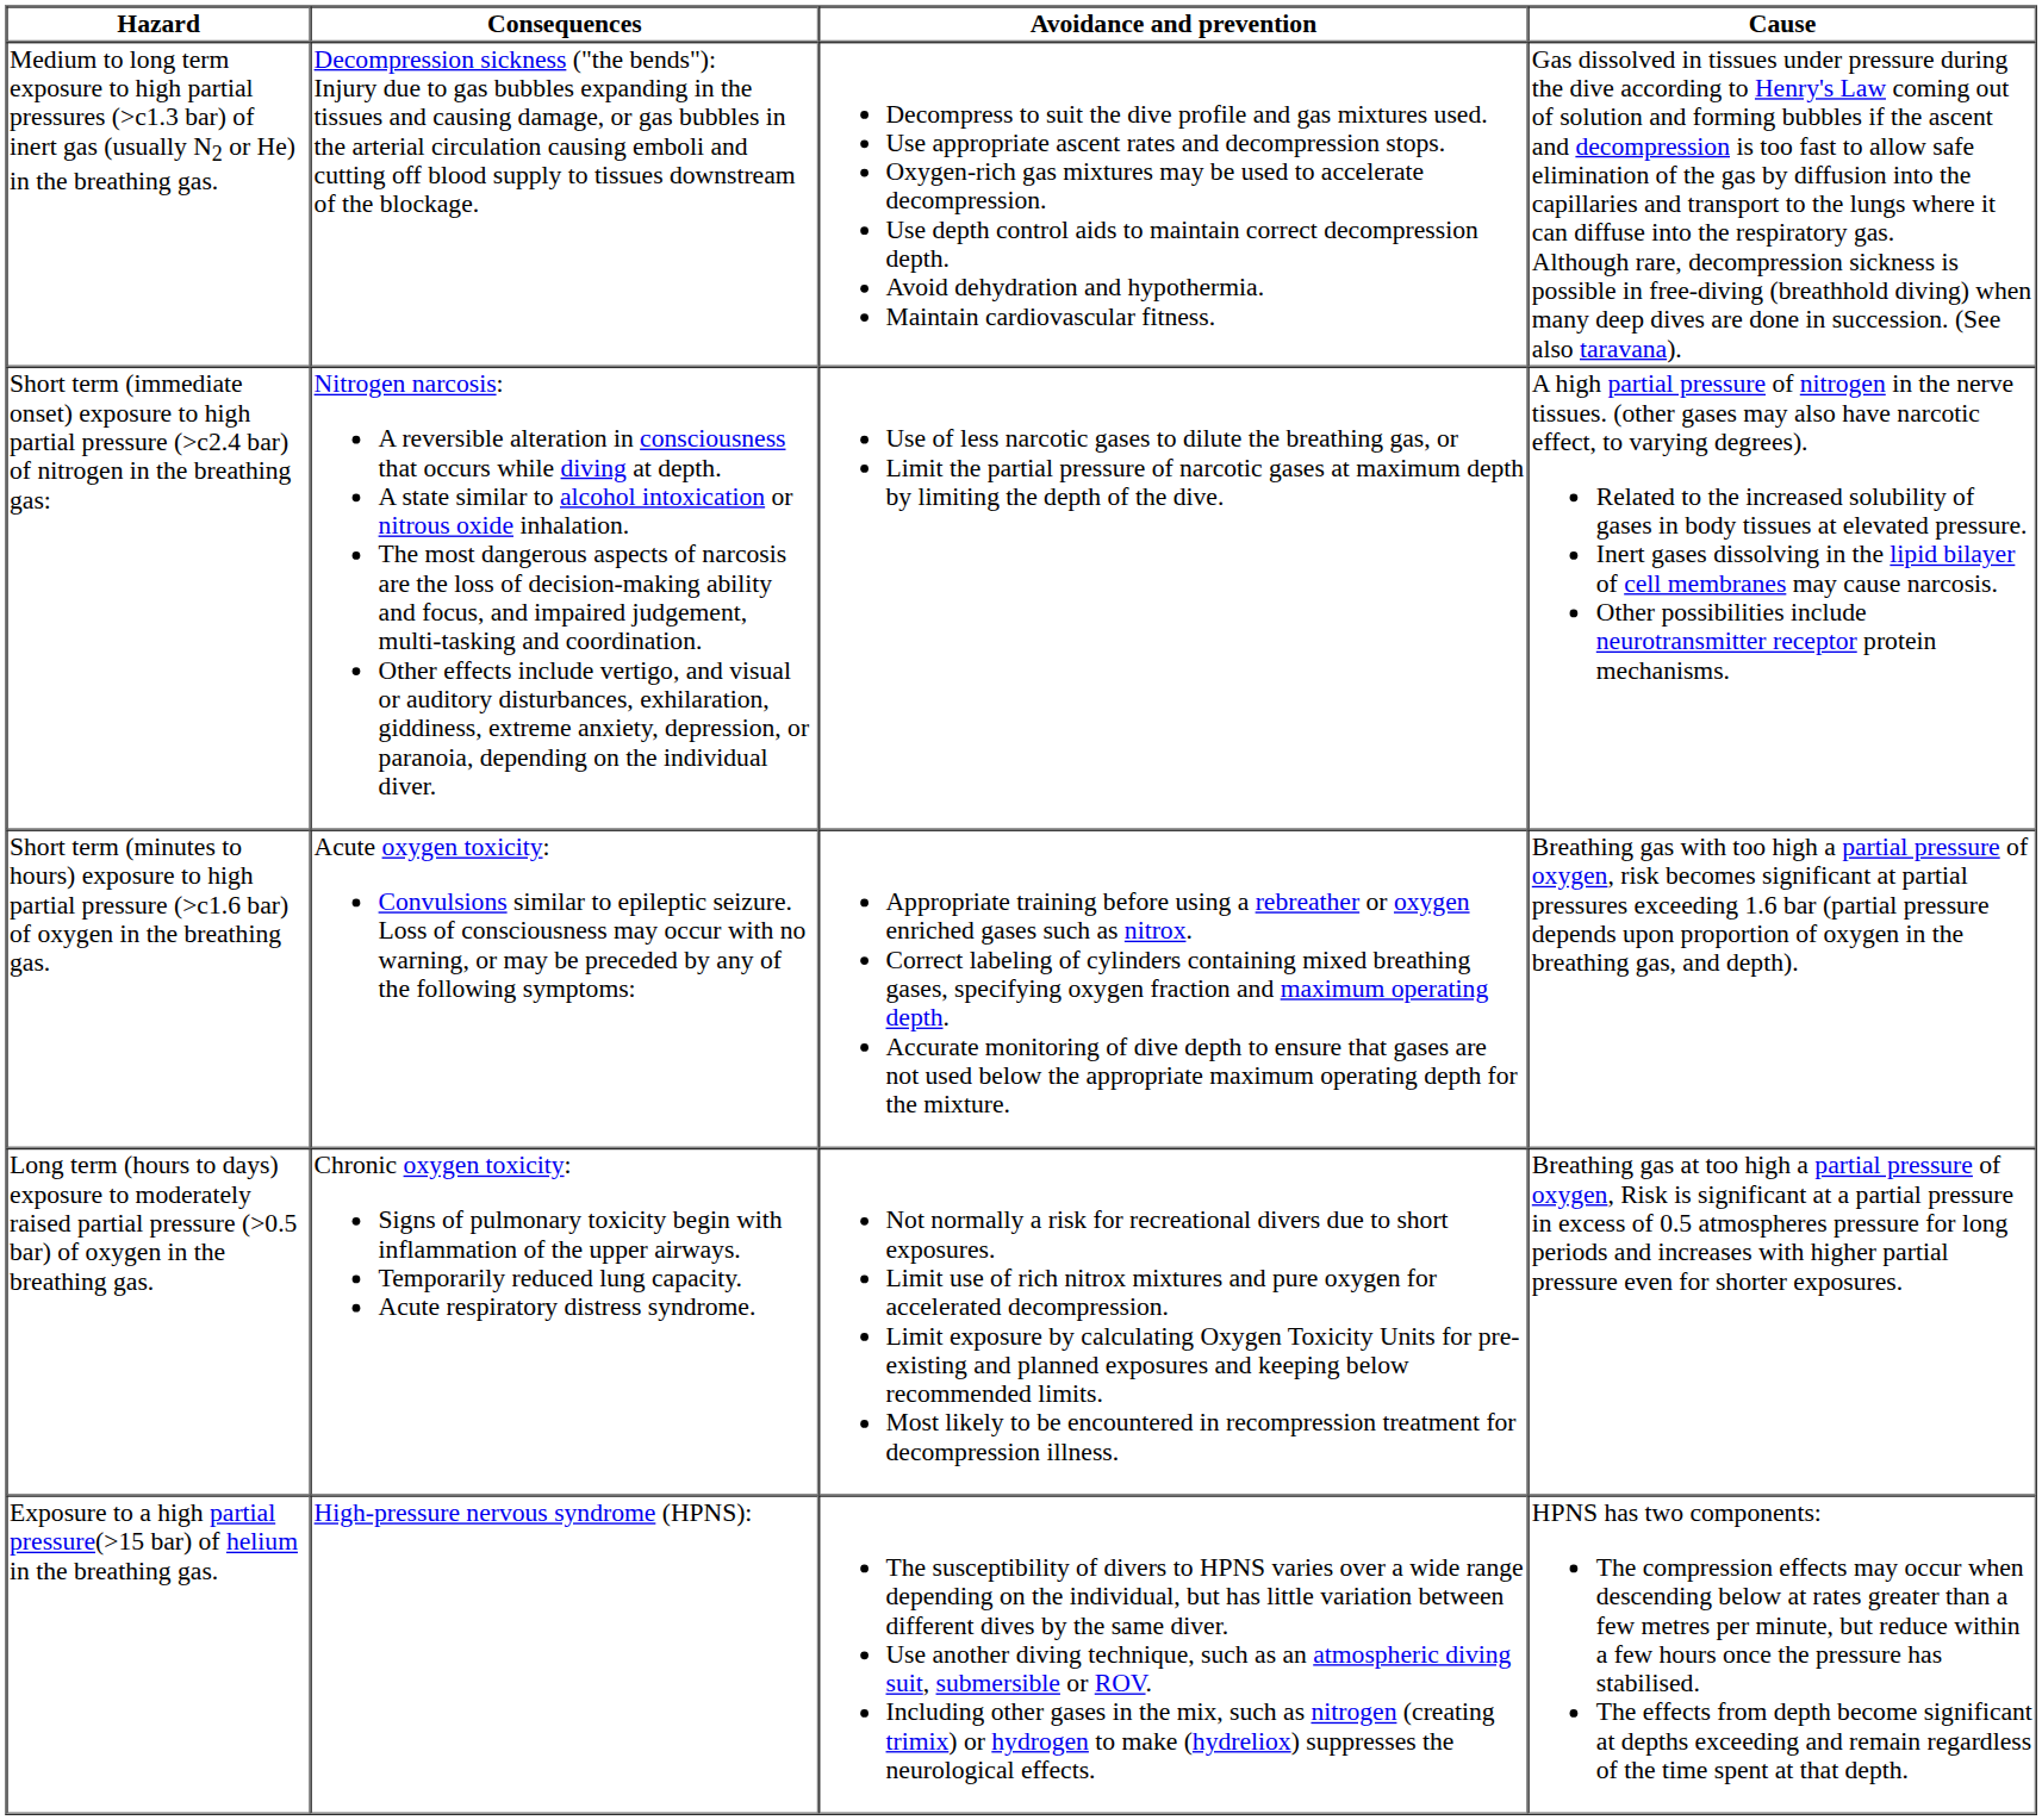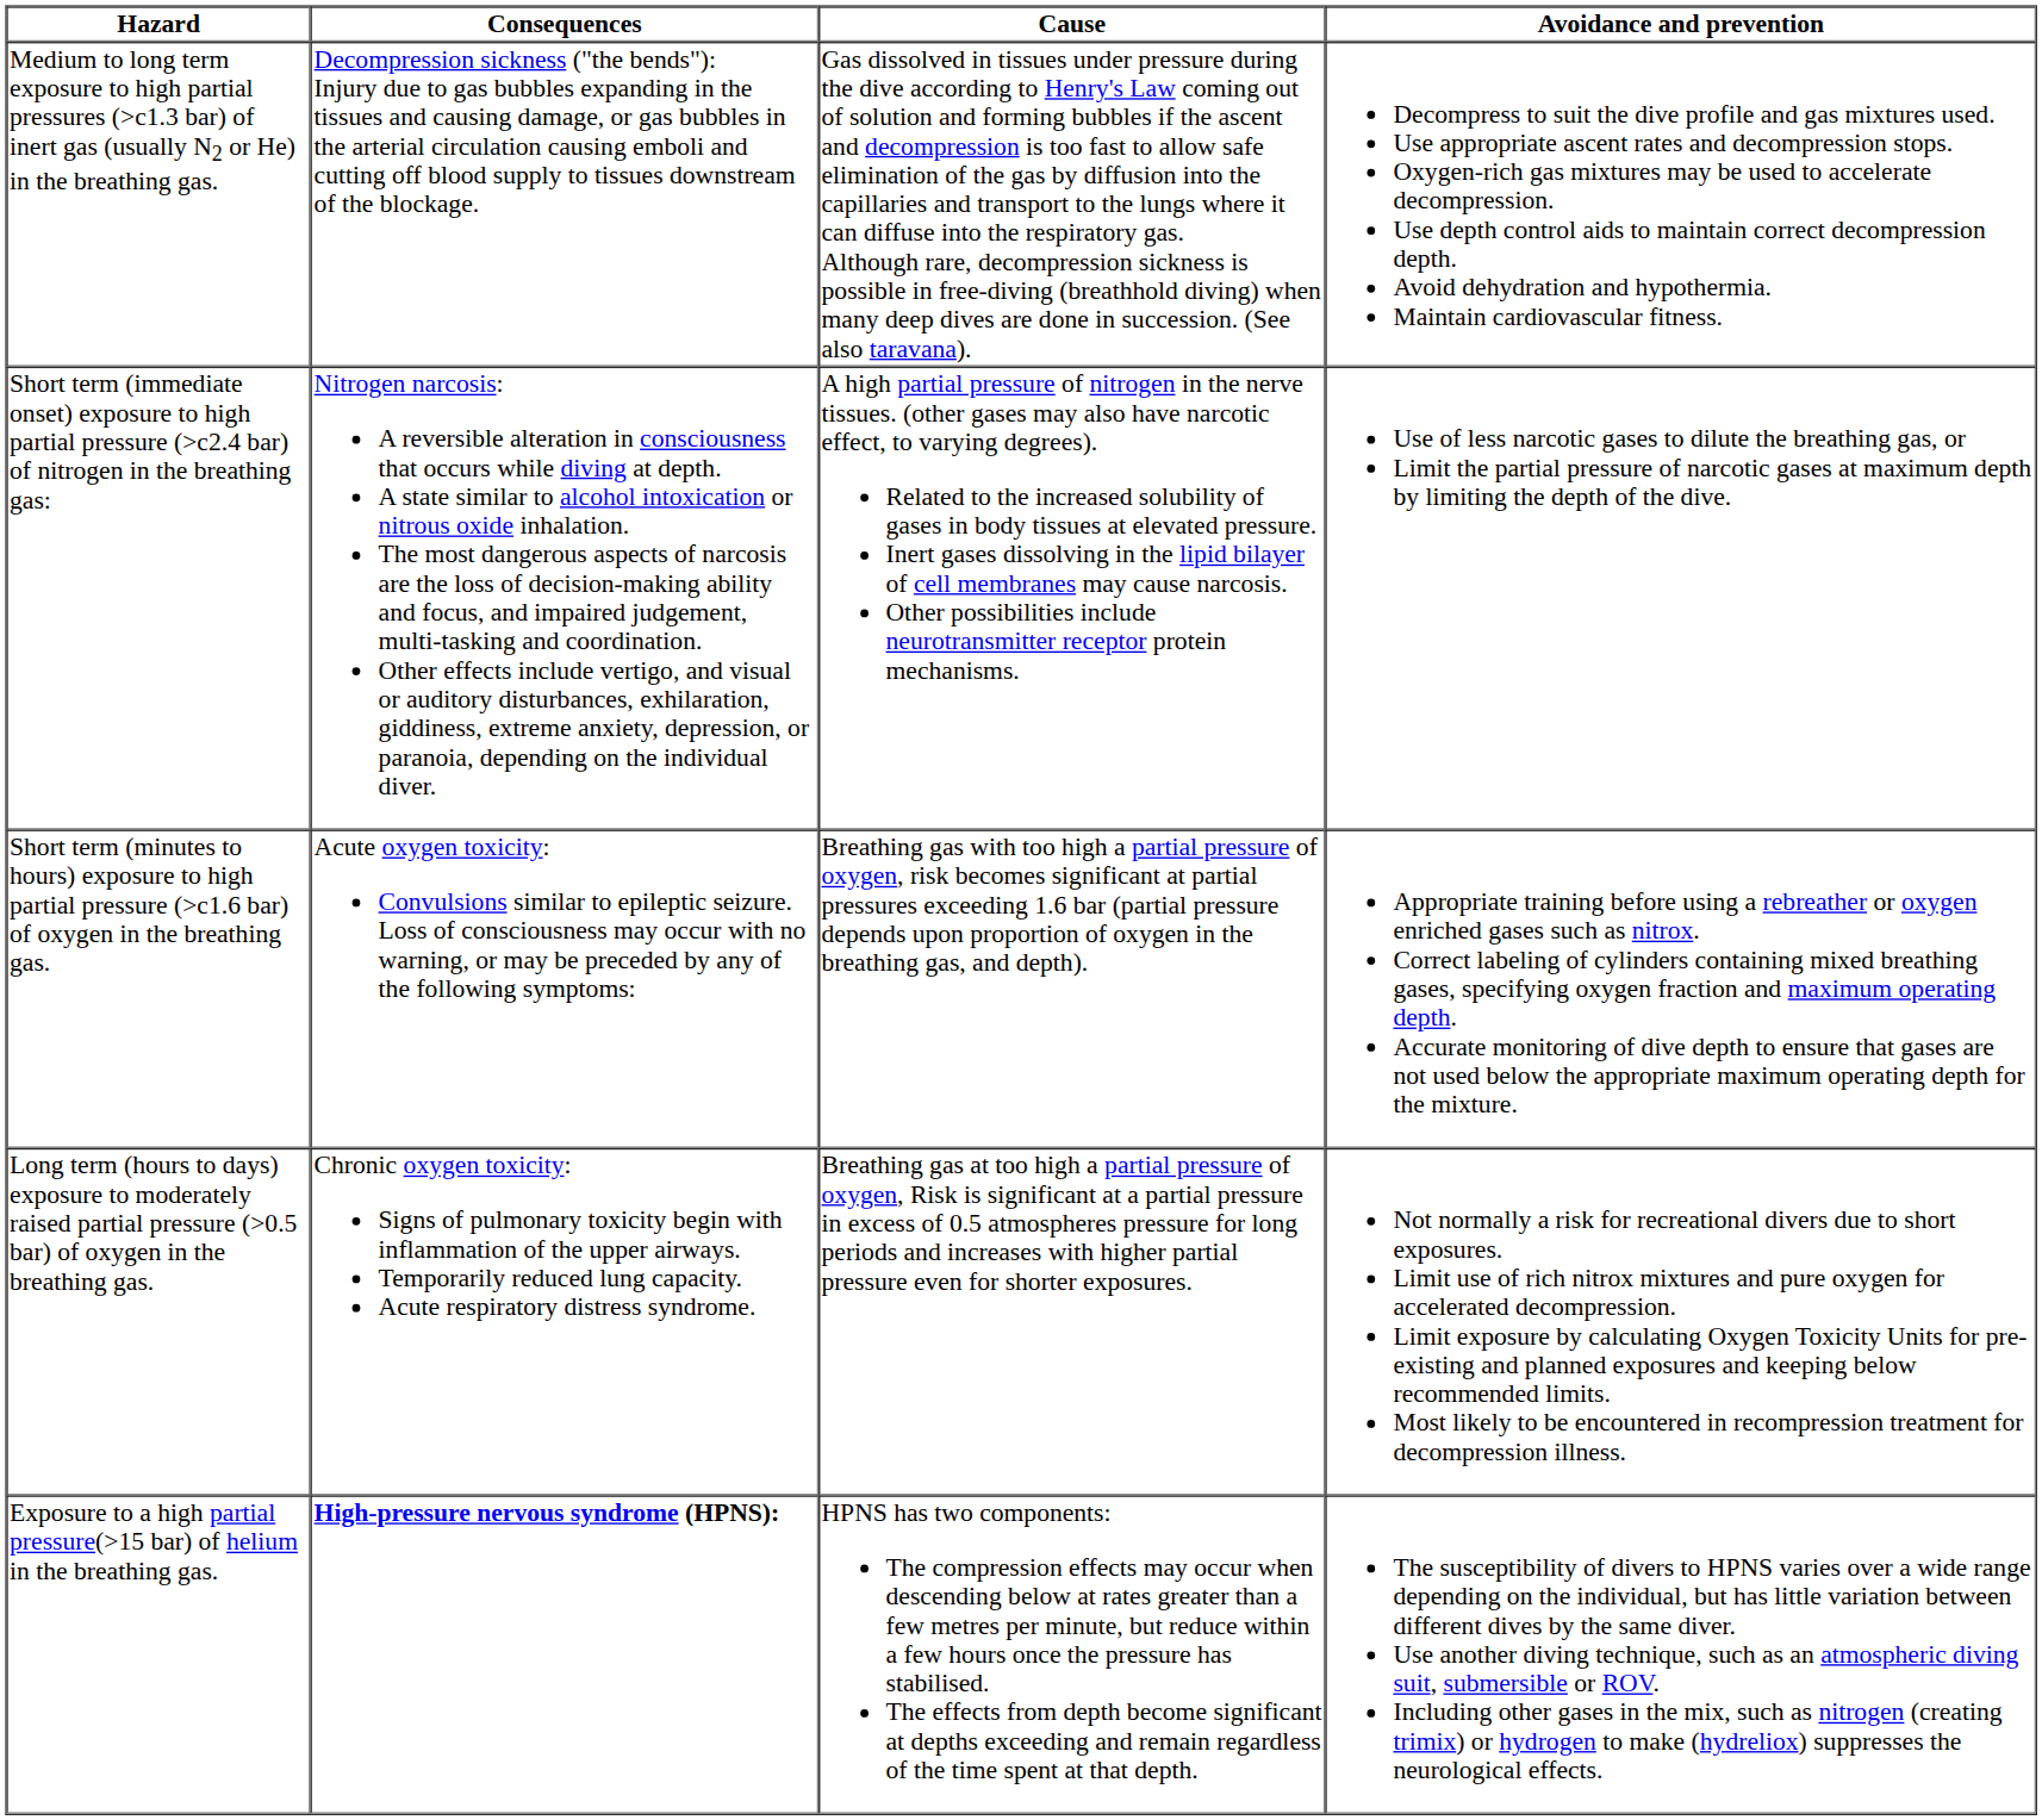 <table cellspacing="0" border="1" bgcolor="white">
 <tr>
 <th scope="col" width="15%">Hazard</th>
 <th scope="col" width="25%">Consequences</th>
+<th scope="col" width="25%">Cause</th>
 <th scope="col" width="35%">Avoidance and prevention</th>
-<th scope="col" width="25%">Cause</th>
 </tr>
 <tr valign="top">
 <td>Medium to long term exposure to high partial pressures (>c1.3 bar) of inert gas (usually N<sub>2</sub> or He) in the breathing gas.</td>
 <td><a href='#'>Decompression sickness</a> ("the bends"):<br>Injury due to gas bubbles expanding in the tissues and causing damage, or gas bubbles in the arterial circulation causing emboli and cutting off blood supply to tissues downstream of the blockage.</td>
+<td>Gas dissolved in tissues under pressure during the dive according to <a href='#'>Henry's Law</a> coming out of solution and forming bubbles if the ascent and <a href='#'>decompression</a> is too fast to allow safe elimination of the gas by diffusion into the capillaries and transport to the lungs where it can diffuse into the respiratory gas.<br>Although rare, decompression sickness is possible in free-diving (breathhold diving) when many deep dives are done in succession. (See also <a href='#'>taravana</a>).</td>
 <td><br><ul><li>Decompress to suit the dive profile and gas mixtures used.</li><li>Use appropriate ascent rates and decompression stops.</li><li>Oxygen-rich gas mixtures may be used to accelerate decompression.</li><li>Use depth control aids to maintain correct decompression depth.</li><li>Avoid dehydration and hypothermia.</li><li>Maintain cardiovascular fitness.</li></ul></td>
-<td>Gas dissolved in tissues under pressure during the dive according to <a href='#'>Henry's Law</a> coming out of solution and forming bubbles if the ascent and <a href='#'>decompression</a> is too fast to allow safe elimination of the gas by diffusion into the capillaries and transport to the lungs where it can diffuse into the respiratory gas.<br>Although rare, decompression sickness is possible in free-diving (breathhold diving) when many deep dives are done in succession. (See also <a href='#'>taravana</a>).</td>
 </tr>
 <tr valign="top">
 <td>Short term (immediate onset) exposure to high partial pressure (>c2.4 bar) of nitrogen in the breathing gas:</td>
 <td><a href='#'>Nitrogen narcosis</a>:<br><ul><li>A reversible alteration in <a href='#'>consciousness</a> that occurs while <a href='#'>diving</a> at depth.</li><li>A state similar to <a href='#'>alcohol intoxication</a> or <a href='#'>nitrous oxide</a> inhalation.</li><li>The most dangerous aspects of narcosis are the loss of decision-making ability and focus, and impaired judgement, multi-tasking and coordination.</li><li>Other effects include vertigo, and visual or auditory disturbances, exhilaration, giddiness, extreme anxiety, depression, or paranoia, depending on the individual diver.</li></ul></td>
+<td>A high <a href='#'>partial pressure</a> of <a href='#'>nitrogen</a> in the nerve tissues. (other gases may also have narcotic effect, to varying degrees).<br><ul><li>Related to the increased solubility of gases in body tissues at elevated pressure.</li><li>Inert gases dissolving in the <a href='#'>lipid bilayer</a> of <a href='#'>cell membranes</a> may cause narcosis.</li><li>Other possibilities include <a href='#'>neurotransmitter receptor</a> protein mechanisms.</li></ul></td>
 <td><br><ul><li>Use of less narcotic gases to dilute the breathing gas, or</li><li>Limit the partial pressure of narcotic gases at maximum depth by limiting the depth of the dive.</li></ul></td>
-<td>A high <a href='#'>partial pressure</a> of <a href='#'>nitrogen</a> in the nerve tissues. (other gases may also have narcotic effect, to varying degrees).<br><ul><li>Related to the increased solubility of gases in body tissues at elevated pressure.</li><li>Inert gases dissolving in the <a href='#'>lipid bilayer</a> of <a href='#'>cell membranes</a> may cause narcosis.</li><li>Other possibilities include <a href='#'>neurotransmitter receptor</a> protein mechanisms.</li></ul></td>
 </tr>
 <tr valign="top">
 <td>Short term (minutes to hours) exposure to high partial pressure (>c1.6 bar) of oxygen in the breathing gas.</td>
 <td>Acute <a href='#'>oxygen toxicity</a>:<br><ul><li><a href='#'>Convulsions</a> similar to epileptic seizure. Loss of consciousness may occur with no warning, or may be preceded by any of the following symptoms:</li></ul></td>
+<td>Breathing gas with too high a <a href='#'>partial pressure</a> of <a href='#'>oxygen</a>, risk becomes significant at partial pressures exceeding 1.6 bar (partial pressure depends upon proportion of oxygen in the breathing gas, and depth).</td>
 <td><br><ul><li>Appropriate training before using a <a href='#'>rebreather</a> or <a href='#'>oxygen</a> enriched gases such as <a href='#'>nitrox</a>.</li><li>Correct labeling of cylinders containing mixed breathing gases, specifying oxygen fraction and <a href='#'>maximum operating depth</a>.</li><li>Accurate monitoring of dive depth to ensure that gases are not used below the appropriate maximum operating depth for the mixture.</li></ul></td>
-<td>Breathing gas with too high a <a href='#'>partial pressure</a> of <a href='#'>oxygen</a>, risk becomes significant at partial pressures exceeding 1.6 bar (partial pressure depends upon proportion of oxygen in the breathing gas, and depth).</td>
 </tr>
 <tr valign="top">
 <td>Long term (hours to days) exposure to moderately raised partial pressure (>0.5 bar) of oxygen in the breathing gas.</td>
 <td>Chronic <a href='#'>oxygen toxicity</a>:<br><ul><li>Signs of pulmonary toxicity begin with inflammation of the upper airways.</li><li>Temporarily reduced lung capacity.</li><li>Acute respiratory distress syndrome.</li></ul></td>
+<td>Breathing gas at too high a <a href='#'>partial pressure</a> of <a href='#'>oxygen</a>, Risk is significant at a partial pressure in excess of 0.5 atmospheres pressure for long periods and increases with higher partial pressure even for shorter exposures.</td>
 <td><br><ul><li>Not normally a risk for recreational divers due to short exposures.</li><li>Limit use of rich nitrox mixtures and pure oxygen for accelerated decompression.</li><li>Limit exposure by calculating Oxygen Toxicity Units for pre-existing and planned exposures and keeping below recommended limits.</li><li>Most likely to be encountered in recompression treatment for decompression illness.</li></ul></td>
-<td>Breathing gas at too high a <a href='#'>partial pressure</a> of <a href='#'>oxygen</a>, Risk is significant at a partial pressure in excess of 0.5 atmospheres pressure for long periods and increases with higher partial pressure even for shorter exposures.</td>
 </tr>
 <tr valign="top">
 <td>Exposure to a high <a href='#'>partial pressure</a>(>15 bar) of <a href='#'>helium</a> in the breathing gas.</td>
-<td><a href='#'>High-pressure nervous syndrome</a> (HPNS):</td>
+<td><strong><a href='#'>High-pressure nervous syndrome</a> (HPNS):</strong></td>
+<td>HPNS has two components:<br><ul><li>The compression effects may occur when descending below  at rates greater than a few metres per minute, but reduce within a few hours once the pressure has stabilised.</li><li>The effects from depth become significant at depths exceeding  and remain regardless of the time spent at that depth.</li></ul></td>
 <td><br><ul><li>The susceptibility of divers to HPNS varies over a wide range depending on the individual, but has little variation between different dives by the same diver.</li><li>Use another diving technique, such as an <a href='#'>atmospheric diving suit</a>, <a href='#'>submersible</a> or <a href='#'>ROV</a>.</li><li>Including other gases in the mix, such as <a href='#'>nitrogen</a> (creating <a href='#'>trimix</a>) or <a href='#'>hydrogen</a> to make (<a href='#'>hydreliox</a>) suppresses the neurological effects.</li></ul></td>
-<td>HPNS has two components:<br><ul><li>The compression effects may occur when descending below  at rates greater than a few metres per minute, but reduce within a few hours once the pressure has stabilised.</li><li>The effects from depth become significant at depths exceeding  and remain regardless of the time spent at that depth.</li></ul></td>
 </tr>
 </table>
